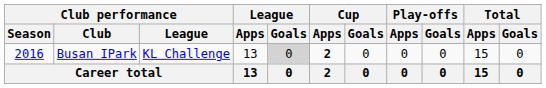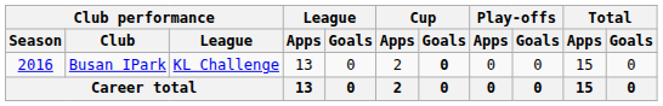 <table class="wikitable" style="text-align:center">
 <tr>
 <th colspan=3>Club performance</th>
 <th colspan=2>League</th>
 <th colspan=2>Cup</th>
 <th colspan=2>Play-offs</th>
 <th colspan=2>Total</th>
 </tr>
 <tr>
 <th>Season</th>
 <th>Club</th>
 <th>League</th>
 <th>Apps</th>
 <th>Goals</th>
 <th>Apps</th>
 <th>Goals</th>
 <th>Apps</th>
 <th>Goals</th>
 <th>Apps</th>
 <th>Goals</th>
 </tr>
 <tr>
 <td><a href='#'>2016</a></td>
 <td><a href='#'>Busan IPark</a></td>
 <td><a href='#'>KL Challenge</a></td>
 <td>13</td>
-<td style="background: lightgrey;">0</td>
-<td><strong>2</strong></td>
 <td>0</td>
+<td>2</td>
+<td><strong>0</strong></td>
 <td>0</td>
 <td>0</td>
 <td>15</td>
 <td>0</td>
 </tr>
 <tr>
 <th colspan=3>Career total</th>
 <th>13</th>
 <th>0</th>
 <th>2</th>
 <th>0</th>
 <th>0</th>
 <th>0</th>
 <th>15</th>
 <th>0</th>
 </tr>
 </table>
